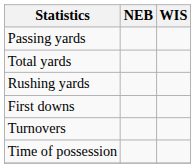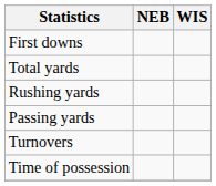 <table class="wikitable" style="float: left;">
 <tr>
 <th>Statistics</th>
 <th>NEB</th>
 <th>WIS</th>
 </tr>
 <tr>
-<td>Passing yards</td>
+<td>First downs</td>
 <td></td>
 <td></td>
 </tr>
 <tr>
 <td>Total yards</td>
 <td></td>
 <td></td>
 </tr>
 <tr>
 <td>Rushing yards</td>
 <td></td>
 <td></td>
 </tr>
 <tr>
-<td>First downs</td>
+<td>Passing yards</td>
 <td></td>
 <td></td>
 </tr>
 <tr>
 <td>Turnovers</td>
 <td></td>
 <td></td>
 </tr>
 <tr>
 <td>Time of possession</td>
 <td></td>
 <td></td>
 </tr>
 <tr>
 </tr>
 </table>
